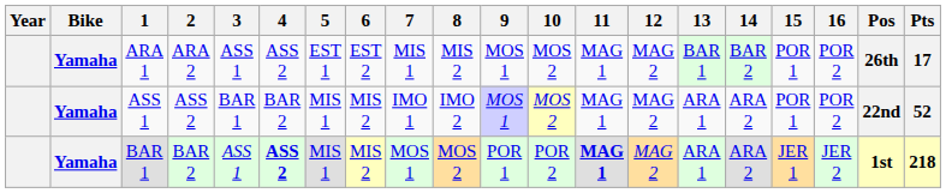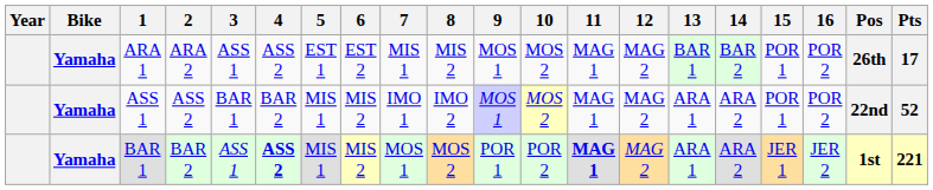 <table class="wikitable" style="text-align:center; font-size:90%;">
 <tr>
 <th>Year</th>
 <th>Bike</th>
 <th>1</th>
 <th>2</th>
 <th>3</th>
 <th>4</th>
 <th>5</th>
 <th>6</th>
 <th>7</th>
 <th>8</th>
 <th>9</th>
 <th>10</th>
 <th>11</th>
 <th>12</th>
 <th>13</th>
 <th>14</th>
 <th>15</th>
 <th>16</th>
 <th>Pos</th>
 <th>Pts</th>
 </tr>
 <tr>
 <th></th>
 <th><a href='#'>Yamaha</a></th>
 <td><a href='#'>ARA<br>1</a></td>
 <td><a href='#'>ARA<br>2</a></td>
 <td><a href='#'>ASS<br>1</a></td>
 <td><a href='#'>ASS<br>2</a></td>
 <td><a href='#'>EST<br>1</a></td>
 <td><a href='#'>EST<br>2</a></td>
 <td><a href='#'>MIS<br>1</a></td>
 <td><a href='#'>MIS<br>2</a></td>
 <td><a href='#'>MOS<br>1</a></td>
 <td><a href='#'>MOS<br>2</a></td>
 <td><a href='#'>MAG<br>1</a></td>
 <td><a href='#'>MAG<br>2</a></td>
 <td style="background:#DFFFDF;"><a href='#'>BAR<br>1</a><br></td>
 <td style="background:#DFFFDF;"><a href='#'>BAR<br>2</a><br></td>
 <td><a href='#'>POR<br>1</a></td>
 <td><a href='#'>POR<br>2</a></td>
 <th>26th</th>
 <th>17</th>
 </tr>
 <tr>
 <th></th>
 <th><a href='#'>Yamaha</a></th>
 <td><a href='#'>ASS<br>1</a></td>
 <td><a href='#'>ASS<br>2</a></td>
 <td><a href='#'>BAR<br>1</a></td>
 <td><a href='#'>BAR<br>2</a></td>
 <td><a href='#'>MIS<br>1</a></td>
 <td><a href='#'>MIS<br>2</a></td>
 <td><a href='#'>IMO<br>1</a></td>
 <td><a href='#'>IMO<br>2</a></td>
 <td style="background:#CFCFFF;"><em><a href='#'>MOS<br>1</a></em><br></td>
 <td style="background:#FFFFBF;"><em><a href='#'>MOS<br>2</a></em><br></td>
 <td><a href='#'>MAG<br>1</a></td>
 <td><a href='#'>MAG<br>2</a></td>
 <td><a href='#'>ARA<br>1</a></td>
 <td><a href='#'>ARA<br>2</a></td>
 <td><a href='#'>POR<br>1</a></td>
 <td><a href='#'>POR<br>2</a></td>
 <th>22nd</th>
 <th>52</th>
 </tr>
 <tr>
 <th></th>
 <th><a href='#'>Yamaha</a></th>
 <td style="background:#DFDFDF;"><a href='#'>BAR<br>1</a><br></td>
 <td style="background:#DFFFDF;"><a href='#'>BAR<br>2</a><br></td>
 <td style="background:#DFFFDF;"><em><a href='#'>ASS<br>1</a></em><br></td>
 <td style="background:#DFFFDF;"><strong><a href='#'>ASS<br>2</a></strong><br></td>
 <td style="background:#DFDFDF;"><a href='#'>MIS<br>1</a><br></td>
 <td style="background:#FFFFBF;"><a href='#'>MIS<br>2</a><br></td>
 <td style="background:#DFFFDF;"><a href='#'>MOS<br>1</a><br></td>
 <td style="background:#FFDF9F;"><a href='#'>MOS<br>2</a><br></td>
 <td style="background:#DFFFDF;"><a href='#'>POR<br>1</a><br></td>
 <td style="background:#DFFFDF;"><a href='#'>POR<br>2</a><br></td>
 <td style="background:#DFDFDF;"><strong><a href='#'>MAG<br>1</a></strong><br></td>
 <td style="background:#FFDF9F;"><em><a href='#'>MAG<br>2</a></em><br></td>
 <td style="background:#DFFFDF;"><a href='#'>ARA<br>1</a><br></td>
 <td style="background:#DFDFDF;"><a href='#'>ARA<br>2</a><br></td>
 <td style="background:#FFDF9F;"><a href='#'>JER<br>1</a><br></td>
 <td style="background:#DFFFDF;"><a href='#'>JER<br>2</a><br></td>
 <th style="background:#FFFFBF;">1st</th>
-<th style="background:#FFFFBF;">218</th>
+<th style="background:#FFFFBF;">221</th>
 </tr>
 </table>
